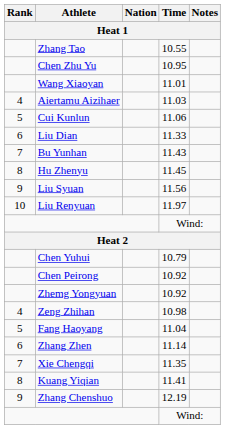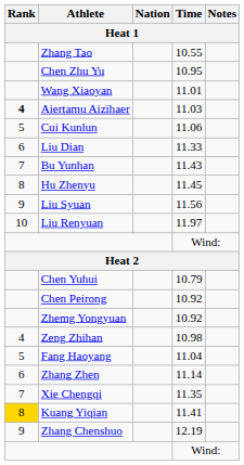 <table class="wikitable" style="text-align:center;">
 <tr>
 <th scope="col" style="width: 10px;">Rank</th>
 <th scope="col">Athlete</th>
 <th scope="col">Nation</th>
 <th scope="col">Time</th>
 <th scope="col">Notes</th>
 </tr>
 <tr>
 <th colspan="5" align="center">Heat 1</th>
 </tr>
 <tr>
 <td></td>
 <td align=left><a href='#'>Zhang Tao</a></td>
 <td align=left></td>
 <td>10.55</td>
 <td></td>
 </tr>
 <tr>
 <td></td>
 <td align="left"><a href='#'>Chen Zhu Yu</a></td>
 <td align="left"></td>
 <td>10.95</td>
 <td></td>
 </tr>
 <tr>
 <td></td>
 <td align="left"><a href='#'>Wang Xiaoyan</a></td>
 <td align="left"></td>
 <td>11.01</td>
 <td></td>
 </tr>
 <tr>
-<td>4</td>
+<td><strong>4</strong></td>
 <td align=left><a href='#'>Aiertamu Aizihaer</a></td>
 <td align=left></td>
 <td>11.03</td>
 <td></td>
 </tr>
 <tr>
 <td>5</td>
 <td align=left><a href='#'>Cui Kunlun</a></td>
 <td align=left></td>
 <td>11.06</td>
 <td></td>
 </tr>
 <tr>
 <td>6</td>
 <td align="left"><a href='#'>Liu Dian</a></td>
 <td align="left"></td>
 <td>11.33</td>
 <td></td>
 </tr>
 <tr>
 <td>7</td>
 <td align="left"><a href='#'>Bu Yunhan</a></td>
 <td align="left"></td>
 <td>11.43</td>
 <td></td>
 </tr>
 <tr>
 <td>8</td>
 <td align="left"><a href='#'>Hu Zhenyu</a></td>
 <td align="left"></td>
 <td>11.45</td>
 <td></td>
 </tr>
 <tr>
 <td>9</td>
 <td align="left"><a href='#'>Liu Syuan</a></td>
 <td align="left"></td>
 <td>11.56</td>
 <td></td>
 </tr>
 <tr>
 <td>10</td>
 <td align="left"><a href='#'>Liu Renyuan</a></td>
 <td align="left"></td>
 <td>11.97</td>
 <td></td>
 </tr>
 <tr>
 <td colspan="3" align="center"></td>
 <td colspan="2">Wind: </td>
 </tr>
 <tr>
 <th colspan="5" align="center">Heat 2</th>
 </tr>
 <tr>
 <td></td>
 <td align="left"><a href='#'>Chen Yuhui</a></td>
 <td align="left"></td>
 <td>10.79</td>
 <td></td>
 </tr>
 <tr>
 <td></td>
 <td align="left"><a href='#'>Chen Peirong</a></td>
 <td align="left"></td>
 <td>10.92 </td>
 <td></td>
 </tr>
 <tr>
 <td></td>
 <td align=left><a href='#'>Zhemg Yongyuan</a></td>
 <td align=left></td>
 <td>10.92 </td>
 <td></td>
 </tr>
 <tr>
 <td>4</td>
 <td align=left><a href='#'>Zeng Zhihan</a></td>
 <td align=left></td>
 <td>10.98</td>
 <td></td>
 </tr>
 <tr>
 <td>5</td>
 <td align="left"><a href='#'>Fang Haoyang</a></td>
 <td align="left"></td>
 <td>11.04</td>
 <td></td>
 </tr>
 <tr>
 <td>6</td>
 <td align="left"><a href='#'>Zhang Zhen</a></td>
 <td align="left"></td>
 <td>11.14</td>
 <td></td>
 </tr>
 <tr>
 <td>7</td>
 <td align="left"><a href='#'>Xie Chengqi</a></td>
 <td align="left"></td>
 <td>11.35</td>
 <td></td>
 </tr>
 <tr>
-<td>8</td>
+<td style="background: gold;">8</td>
 <td align="left"><a href='#'>Kuang Yiqian</a></td>
 <td align="left"></td>
 <td>11.41</td>
 <td></td>
 </tr>
 <tr>
 <td>9</td>
 <td align="left"><a href='#'>Zhang Chenshuo</a></td>
 <td align="left"></td>
 <td>12.19</td>
 <td></td>
 </tr>
 <tr class="sortbottom">
 <td colspan="3"></td>
 <td colspan="2">Wind: </td>
 </tr>
 </table>
